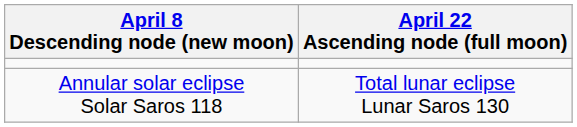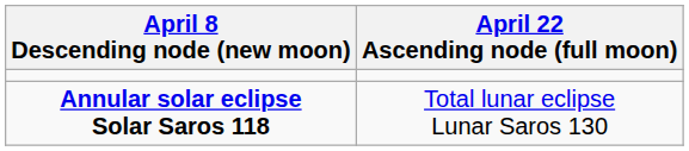 <table class="wikitable">
 <tr>
 <th><a href='#'>April 8</a><br>Descending node (new moon)</th>
 <th><a href='#'>April 22</a><br>Ascending node (full moon)</th>
 </tr>
 <tr>
 <td></td>
 <td></td>
 </tr>
 <tr align=center>
-<td><a href='#'>Annular solar eclipse</a><br>Solar Saros 118</td>
+<td><strong><a href='#'>Annular solar eclipse</a><br>Solar Saros 118</strong></td>
 <td><a href='#'>Total lunar eclipse</a><br>Lunar Saros 130</td>
 </tr>
 </table>
